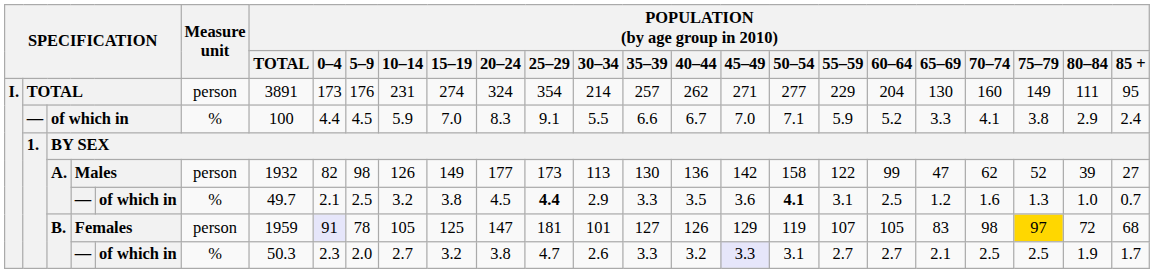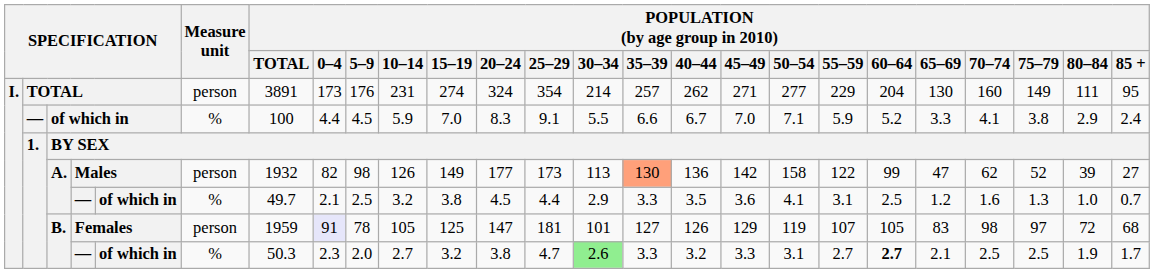 <table class="wikitable" style="font-size:85%; text-align:center">
 <tr>
 <th rowspan="2" colspan="5">SPECIFICATION</th>
 <th rowspan="2">Measure<br> unit</th>
 <th colspan="20" rowspan="1">POPULATION<br> (by age group in 2010)</th>
 </tr>
 <tr>
 <th>TOTAL</th>
 <th>0–4</th>
 <th>5–9</th>
 <th>10–14</th>
 <th>15–19</th>
 <th>20–24</th>
 <th>25–29</th>
 <th>30–34</th>
 <th>35–39</th>
 <th>40–44</th>
 <th>45–49</th>
 <th>50–54</th>
 <th>55–59</th>
 <th>60–64</th>
 <th>65–69</th>
 <th>70–74</th>
 <th>75–79</th>
 <th>80–84</th>
 <th>85 +</th>
 </tr>
 <tr>
 <th style="text-align:left" valign="top" rowspan="7">I.</th>
 <th style="text-align:left" colspan="4">TOTAL</th>
 <td>person</td>
 <td>3891</td>
 <td>173</td>
 <td>176</td>
 <td>231</td>
 <td>274</td>
 <td>324</td>
 <td>354</td>
 <td>214</td>
 <td>257</td>
 <td>262</td>
 <td>271</td>
 <td>277</td>
 <td>229</td>
 <td>204</td>
 <td>130</td>
 <td>160</td>
 <td>149</td>
 <td>111</td>
 <td>95</td>
 </tr>
 <tr>
 <th style="text-align:left" valign="top">—</th>
 <th style="text-align:left" colspan="3">of which in</th>
 <td>%</td>
 <td>100</td>
 <td>4.4</td>
 <td>4.5</td>
 <td>5.9</td>
 <td>7.0</td>
 <td>8.3</td>
 <td>9.1</td>
 <td>5.5</td>
 <td>6.6</td>
 <td>6.7</td>
 <td>7.0</td>
 <td>7.1</td>
 <td>5.9</td>
 <td>5.2</td>
 <td>3.3</td>
 <td>4.1</td>
 <td>3.8</td>
 <td>2.9</td>
 <td>2.4</td>
 </tr>
 <tr>
 <th style="text-align:left" valign="top" rowspan="5">1.</th>
 <th style="text-align:left" colspan="23">BY SEX</th>
 </tr>
 <tr>
 <th style="text-align:left" valign="top" rowspan="2">A.</th>
 <th style="text-align:left" colspan="2">Males</th>
 <td>person</td>
 <td>1932</td>
 <td>82</td>
 <td>98</td>
 <td>126</td>
 <td>149</td>
 <td>177</td>
 <td>173</td>
 <td>113</td>
-<td>130</td>
+<td style="background: lightsalmon;">130</td>
 <td>136</td>
 <td>142</td>
 <td>158</td>
 <td>122</td>
 <td>99</td>
 <td>47</td>
 <td>62</td>
 <td>52</td>
 <td>39</td>
 <td>27</td>
 </tr>
 <tr>
 <th style="text-align:left" valign="top">—</th>
 <th style="text-align:left" colspan="1">of which in</th>
 <td>%</td>
 <td>49.7</td>
 <td>2.1</td>
 <td>2.5</td>
 <td>3.2</td>
 <td>3.8</td>
 <td>4.5</td>
-<td><strong>4.4</strong></td>
+<td>4.4</td>
 <td>2.9</td>
 <td>3.3</td>
 <td>3.5</td>
 <td>3.6</td>
-<td><strong>4.1</strong></td>
+<td>4.1</td>
 <td>3.1</td>
 <td>2.5</td>
 <td>1.2</td>
 <td>1.6</td>
 <td>1.3</td>
 <td>1.0</td>
 <td>0.7</td>
 </tr>
 <tr>
 <th style="text-align:left" valign="top" rowspan="2">B.</th>
 <th style="text-align:left" colspan="2">Females</th>
 <td>person</td>
 <td>1959</td>
 <td style="background: lavender;">91</td>
 <td>78</td>
 <td>105</td>
 <td>125</td>
 <td>147</td>
 <td>181</td>
 <td>101</td>
 <td>127</td>
 <td>126</td>
 <td>129</td>
 <td>119</td>
 <td>107</td>
 <td>105</td>
 <td>83</td>
 <td>98</td>
-<td style="background: gold;">97</td>
+<td>97</td>
 <td>72</td>
 <td>68</td>
 </tr>
 <tr>
 <th style="text-align:left" valign="top">—</th>
 <th style="text-align:left" colspan="1">of which in</th>
 <td>%</td>
 <td>50.3</td>
 <td>2.3</td>
 <td>2.0</td>
 <td>2.7</td>
 <td>3.2</td>
 <td>3.8</td>
 <td>4.7</td>
-<td>2.6</td>
+<td style="background: lightgreen;">2.6</td>
 <td>3.3</td>
 <td>3.2</td>
-<td style="background: lavender;">3.3</td>
+<td>3.3</td>
 <td>3.1</td>
 <td>2.7</td>
-<td>2.7</td>
+<td><strong>2.7</strong></td>
 <td>2.1</td>
 <td>2.5</td>
 <td>2.5</td>
 <td>1.9</td>
 <td>1.7</td>
 </tr>
 </table>
